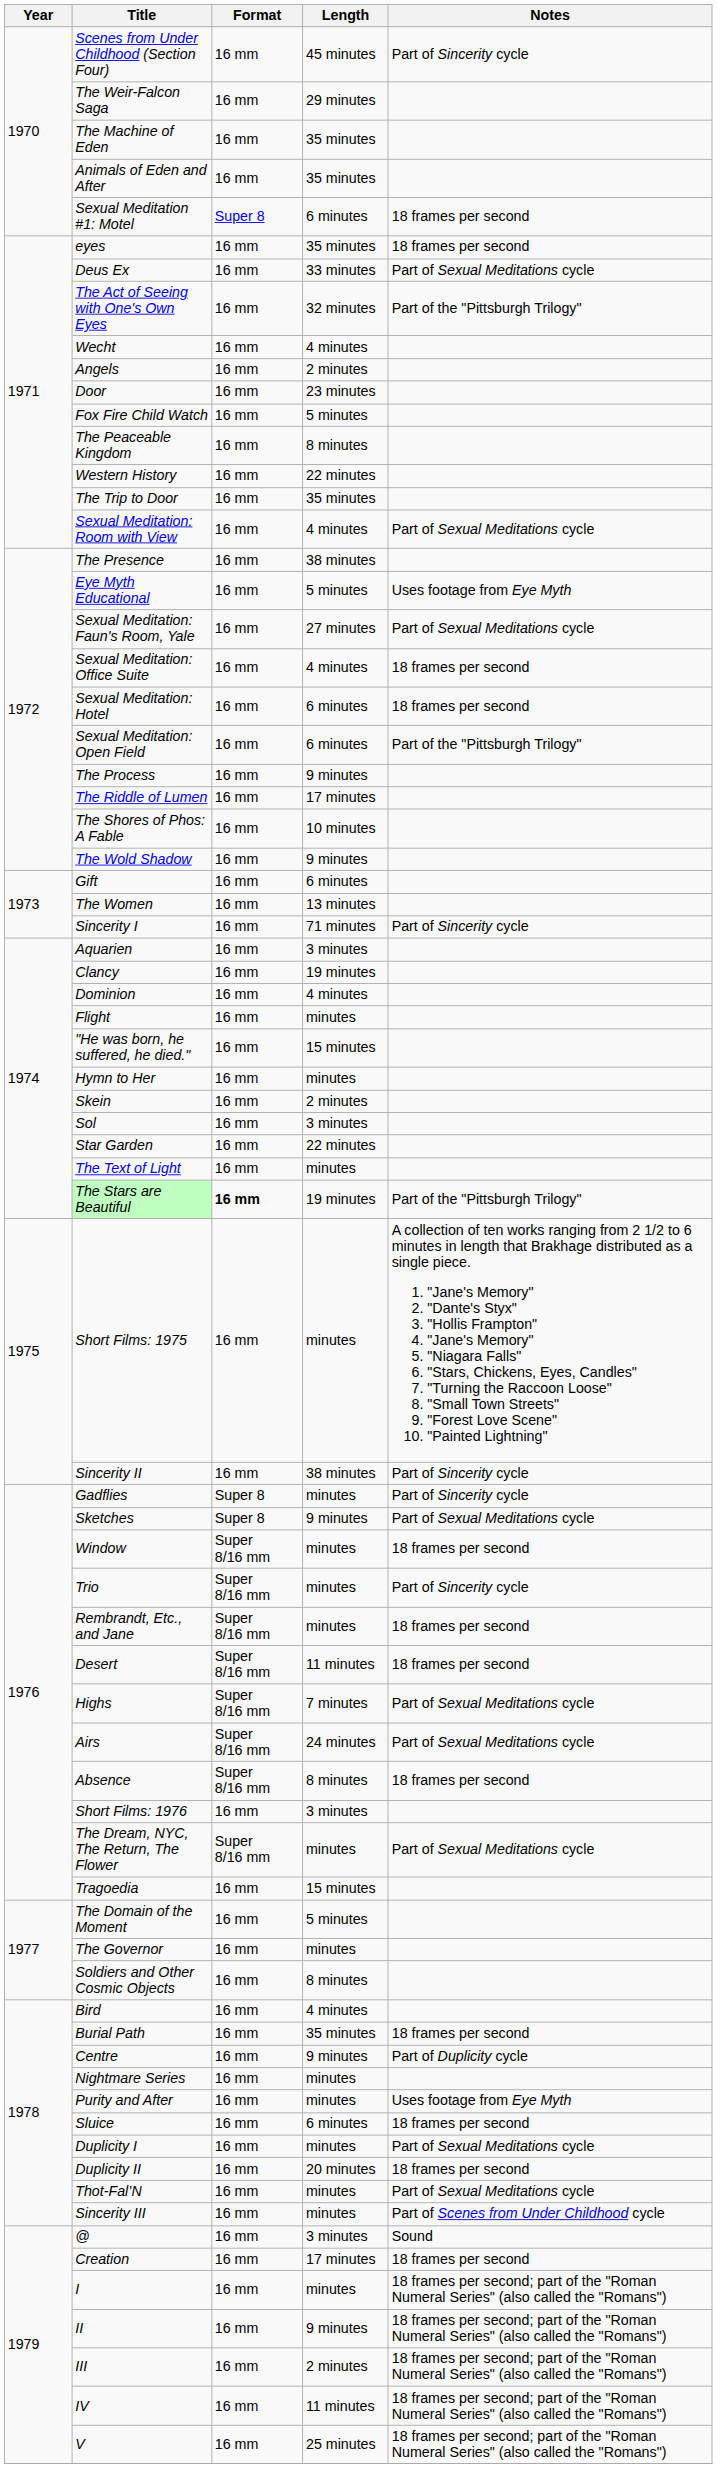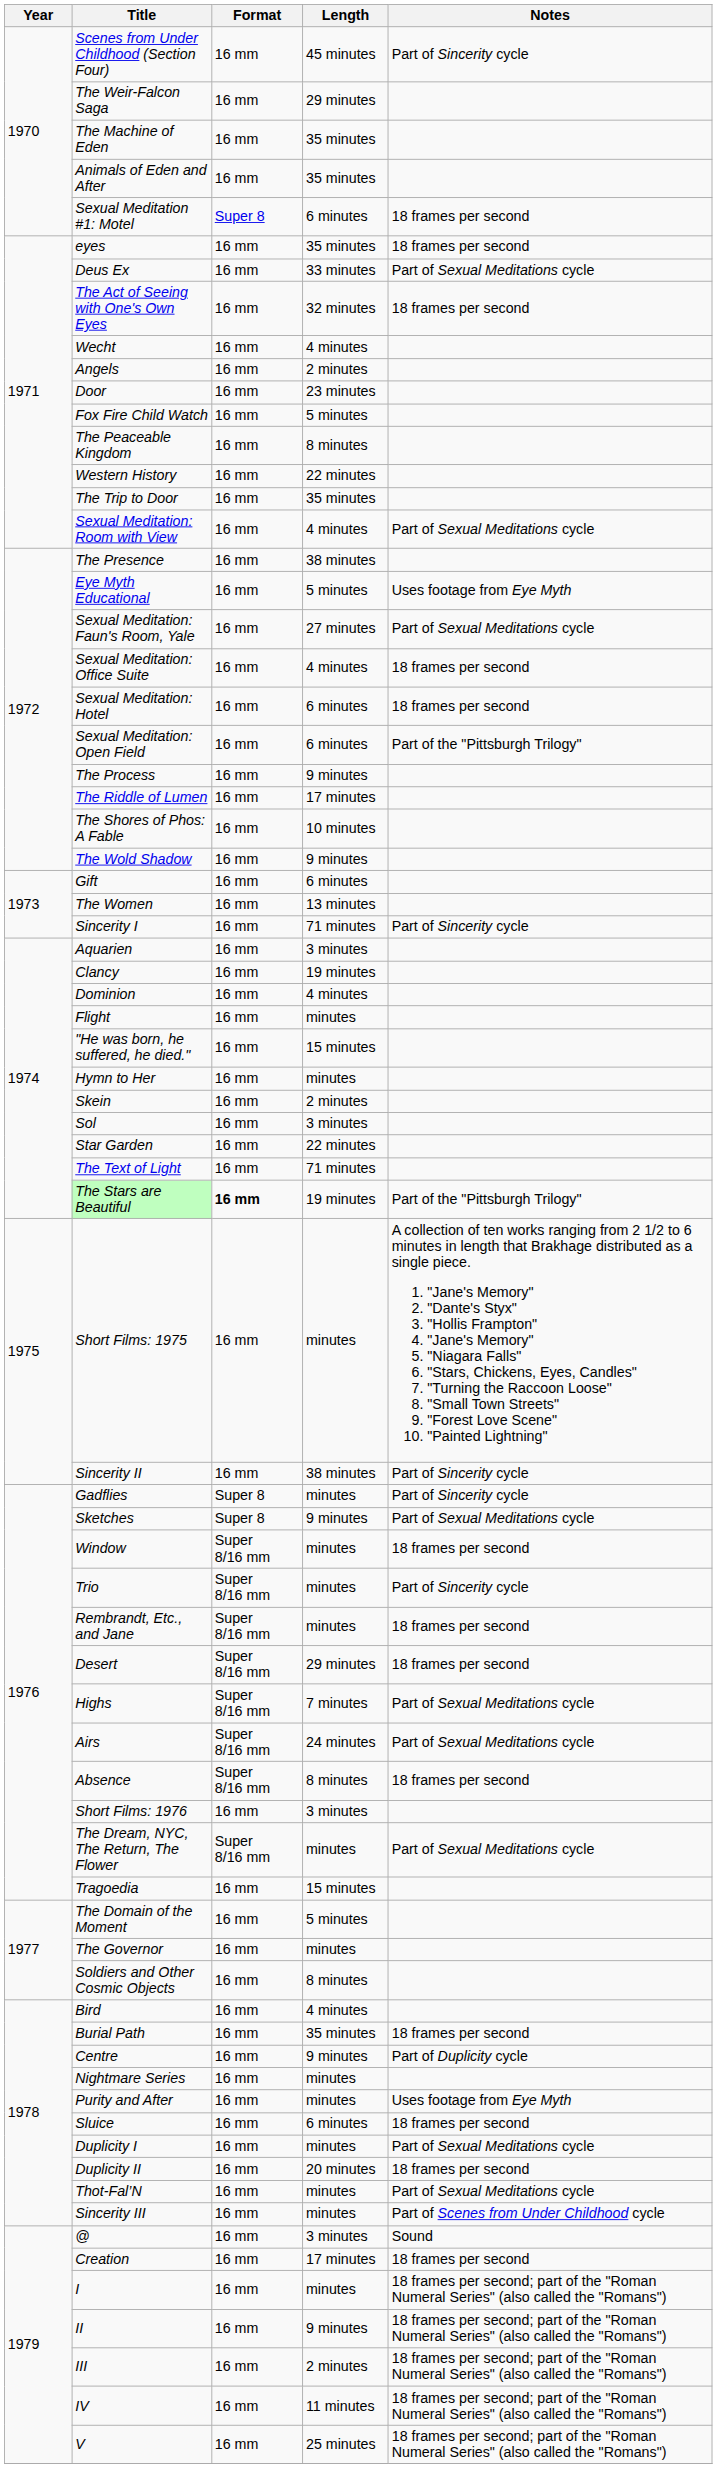 <table class="wikitable plainrowheaders" style="width: 90%">
 <tr>
 <th style="width: 5%;" scope="col">Year</th>
 <th style="width: 10%;" scope="col">Title</th>
 <th style="width: 5%;" scope="col">Format</th>
 <th style="width: 5%;" scope="col">Length</th>
 <th style="width: 25%;" scope="col">Notes</th>
 </tr>
 <tr>
 <td scope="row" rowspan="5">1970</td>
 <td><em><a href='#'>Scenes from Under Childhood</a> (Section Four)</em></td>
 <td>16 mm</td>
 <td>45 minutes</td>
 <td>Part of <em>Sincerity</em> cycle</td>
 </tr>
 <tr>
 <td scope="row"><em>The Weir-Falcon Saga</em></td>
 <td>16 mm</td>
 <td>29 minutes</td>
 <td></td>
 </tr>
 <tr>
 <td scope="row"><em>The Machine of Eden</em></td>
 <td>16 mm</td>
 <td>35 minutes</td>
 <td></td>
 </tr>
 <tr>
 <td scope="row"><em>Animals of Eden and After</em></td>
 <td>16 mm</td>
 <td>35 minutes</td>
 <td></td>
 </tr>
 <tr>
 <td scope="row"><em>Sexual Meditation #1: Motel</em></td>
 <td><a href='#'>Super 8</a></td>
 <td>6 minutes</td>
 <td>18 frames per second</td>
 </tr>
 <tr>
 <td scope="row" rowspan="11">1971</td>
 <td><em>eyes</em></td>
 <td>16 mm</td>
 <td>35 minutes</td>
 <td>18 frames per second</td>
 </tr>
 <tr>
 <td scope="row"><em>Deus Ex</em></td>
 <td>16 mm</td>
 <td>33 minutes</td>
 <td>Part of <em>Sexual Meditations</em> cycle</td>
 </tr>
 <tr>
 <td scope="row"><em><a href='#'>The Act of Seeing with One's Own Eyes</a></em></td>
 <td>16 mm</td>
 <td>32 minutes</td>
-<td>Part of the "Pittsburgh Trilogy"</td>
+<td>18 frames per second</td>
 </tr>
 <tr>
 <td scope="row"><em>Wecht</em></td>
 <td>16 mm</td>
 <td>4 minutes</td>
 <td></td>
 </tr>
 <tr>
 <td scope="row"><em>Angels</em></td>
 <td>16 mm</td>
 <td>2 minutes</td>
 <td></td>
 </tr>
 <tr>
 <td scope="row"><em>Door</em></td>
 <td>16 mm</td>
 <td>23 minutes</td>
 <td></td>
 </tr>
 <tr>
 <td scope="row"><em>Fox Fire Child Watch</em></td>
 <td>16 mm</td>
 <td>5 minutes</td>
 <td></td>
 </tr>
 <tr>
 <td scope="row"><em>The Peaceable Kingdom</em></td>
 <td>16 mm</td>
 <td>8 minutes</td>
 <td></td>
 </tr>
 <tr>
 <td scope="row"><em>Western History</em></td>
 <td>16 mm</td>
 <td>22 minutes</td>
 <td></td>
 </tr>
 <tr>
 <td scope="row"><em>The Trip to Door</em></td>
 <td>16 mm</td>
 <td>35 minutes</td>
 <td></td>
 </tr>
 <tr>
 <td scope="row"><em><a href='#'>Sexual Meditation: Room with View</a></em></td>
 <td>16 mm</td>
 <td>4 minutes</td>
 <td>Part of <em>Sexual Meditations</em> cycle</td>
 </tr>
 <tr>
 <td scope="row" rowspan="10">1972</td>
 <td><em>The Presence</em></td>
 <td>16 mm</td>
 <td>38 minutes</td>
 <td></td>
 </tr>
 <tr>
 <td scope="row"><em><a href='#'>Eye Myth Educational</a></em></td>
 <td>16 mm</td>
 <td>5 minutes</td>
 <td>Uses footage from <em>Eye Myth</em></td>
 </tr>
 <tr>
 <td scope="row"><em>Sexual Meditation: Faun's Room, Yale</em></td>
 <td>16 mm</td>
 <td>27 minutes</td>
 <td>Part of <em>Sexual Meditations</em> cycle</td>
 </tr>
 <tr>
 <td scope="row"><em>Sexual Meditation: Office Suite</em></td>
 <td>16 mm</td>
 <td>4 minutes</td>
 <td>18 frames per second</td>
 </tr>
 <tr>
 <td scope="row"><em>Sexual Meditation: Hotel</em></td>
 <td>16 mm</td>
 <td>6 minutes</td>
 <td>18 frames per second</td>
 </tr>
 <tr>
 <td scope="row"><em>Sexual Meditation: Open Field</em></td>
 <td>16 mm</td>
 <td>6 minutes</td>
 <td>Part of the "Pittsburgh Trilogy"</td>
 </tr>
 <tr>
 <td scope="row"><em>The Process</em></td>
 <td>16 mm</td>
 <td>9 minutes</td>
 <td></td>
 </tr>
 <tr>
 <td scope="row"><em><a href='#'>The Riddle of Lumen</a></em></td>
 <td>16 mm</td>
 <td>17 minutes</td>
 <td></td>
 </tr>
 <tr>
 <td scope="row"><em>The Shores of Phos: A Fable</em></td>
 <td>16 mm</td>
 <td>10 minutes</td>
 <td></td>
 </tr>
 <tr>
 <td scope="row"><em><a href='#'>The Wold Shadow</a></em></td>
 <td>16 mm</td>
 <td>9 minutes</td>
 <td></td>
 </tr>
 <tr>
 <td scope="row" rowspan="3">1973</td>
 <td><em>Gift</em></td>
 <td>16 mm</td>
 <td>6 minutes</td>
 <td></td>
 </tr>
 <tr>
 <td scope="row"><em>The Women</em></td>
 <td>16 mm</td>
 <td>13 minutes</td>
 <td></td>
 </tr>
 <tr>
 <td scope="row"><em>Sincerity I</em></td>
 <td>16 mm</td>
 <td>71 minutes</td>
 <td>Part of <em>Sincerity</em> cycle</td>
 </tr>
 <tr>
 <td scope="row" rowspan="11">1974</td>
 <td><em>Aquarien</em></td>
 <td>16 mm</td>
 <td>3 minutes</td>
 <td></td>
 </tr>
 <tr>
 <td scope="row"><em>Clancy</em></td>
 <td>16 mm</td>
 <td>19 minutes</td>
 <td></td>
 </tr>
 <tr>
 <td scope="row"><em>Dominion</em></td>
 <td>16 mm</td>
 <td>4 minutes</td>
 <td></td>
 </tr>
 <tr>
 <td scope="row"><em>Flight</em></td>
 <td>16 mm</td>
 <td> minutes</td>
 <td></td>
 </tr>
 <tr>
 <td scope="row"><em>"He was born, he suffered, he died."</em></td>
 <td>16 mm</td>
 <td>15 minutes</td>
 <td></td>
 </tr>
 <tr>
 <td scope="row"><em>Hymn to Her</em></td>
 <td>16 mm</td>
 <td> minutes</td>
 <td></td>
 </tr>
 <tr>
 <td scope="row"><em>Skein</em></td>
 <td>16 mm</td>
 <td>2 minutes</td>
 <td></td>
 </tr>
 <tr>
 <td scope="row"><em>Sol</em></td>
 <td>16 mm</td>
 <td>3 minutes</td>
 <td></td>
 </tr>
 <tr>
 <td scope="row"><em>Star Garden</em></td>
 <td>16 mm</td>
 <td>22 minutes</td>
 <td></td>
 </tr>
 <tr>
 <td scope="row"><em><a href='#'>The Text of Light</a></em></td>
 <td>16 mm</td>
-<td> minutes</td>
+<td>71 minutes</td>
 <td></td>
 </tr>
 <tr>
 <td scope="row" style="background: #bfffbf;"><em>The Stars are Beautiful</em></td>
 <td><strong>16 mm</strong></td>
 <td>19 minutes</td>
 <td>Part of the "Pittsburgh Trilogy"</td>
 </tr>
 <tr>
 <td scope="row" rowspan="2">1975</td>
 <td><em>Short Films: 1975</em></td>
 <td>16 mm</td>
 <td> minutes</td>
 <td>A collection of ten works ranging from 2 1/2 to 6 minutes in length that Brakhage distributed as a single piece.<br><ol><li>"Jane's Memory"</li><li>"Dante's Styx"</li><li>"Hollis Frampton"</li><li>"Jane's Memory"</li><li>"Niagara Falls"</li><li>"Stars, Chickens, Eyes, Candles"</li><li>"Turning the Raccoon Loose"</li><li>"Small Town Streets"</li><li>"Forest Love Scene"</li><li>"Painted Lightning"</li></ol></td>
 </tr>
 <tr>
 <td scope="row"><em>Sincerity II</em></td>
 <td>16 mm</td>
 <td>38 minutes</td>
 <td>Part of <em>Sincerity</em> cycle</td>
 </tr>
 <tr>
 <td scope="row" rowspan="12">1976</td>
 <td><em>Gadflies</em></td>
 <td>Super 8</td>
 <td> minutes</td>
 <td>Part of <em>Sincerity</em> cycle</td>
 </tr>
 <tr>
 <td scope="row"><em>Sketches</em></td>
 <td>Super 8</td>
 <td>9 minutes</td>
 <td>Part of <em>Sexual Meditations</em> cycle</td>
 </tr>
 <tr>
 <td scope="row"><em>Window</em></td>
 <td>Super 8/16 mm</td>
 <td> minutes</td>
 <td>18 frames per second</td>
 </tr>
 <tr>
 <td scope="row"><em>Trio</em></td>
 <td>Super 8/16 mm</td>
 <td> minutes</td>
 <td>Part of <em>Sincerity</em> cycle</td>
 </tr>
 <tr>
 <td scope="row"><em>Rembrandt, Etc., and Jane</em></td>
 <td>Super 8/16 mm</td>
 <td> minutes</td>
 <td>18 frames per second</td>
 </tr>
 <tr>
 <td scope="row"><em>Desert</em></td>
 <td>Super 8/16 mm</td>
-<td>11 minutes</td>
+<td>29 minutes</td>
 <td>18 frames per second</td>
 </tr>
 <tr>
 <td scope="row"><em>Highs</em></td>
 <td>Super 8/16 mm</td>
 <td>7 minutes</td>
 <td>Part of <em>Sexual Meditations</em> cycle</td>
 </tr>
 <tr>
 <td scope="row"><em>Airs</em></td>
 <td>Super 8/16 mm</td>
 <td>24 minutes</td>
 <td>Part of <em>Sexual Meditations</em> cycle</td>
 </tr>
 <tr>
 <td scope="row"><em>Absence</em></td>
 <td>Super 8/16 mm</td>
 <td>8 minutes</td>
 <td>18 frames per second</td>
 </tr>
 <tr>
 <td scope="row"><em>Short Films: 1976</em></td>
 <td>16 mm</td>
 <td>3 minutes</td>
 <td></td>
 </tr>
 <tr>
 <td scope="row"><em>The Dream, NYC, The Return, The Flower</em></td>
 <td>Super 8/16 mm</td>
 <td> minutes</td>
 <td>Part of <em>Sexual Meditations</em> cycle</td>
 </tr>
 <tr>
 <td scope="row"><em>Tragoedia</em></td>
 <td>16 mm</td>
 <td>15 minutes</td>
 <td></td>
 </tr>
 <tr>
 <td scope="row" rowspan="3">1977</td>
 <td><em>The Domain of the Moment</em></td>
 <td>16 mm</td>
 <td>5 minutes</td>
 <td></td>
 </tr>
 <tr>
 <td scope="row"><em>The Governor</em></td>
 <td>16 mm</td>
 <td> minutes</td>
 <td></td>
 </tr>
 <tr>
 <td scope="row"><em>Soldiers and Other Cosmic Objects</em></td>
 <td>16 mm</td>
 <td>8 minutes</td>
 <td></td>
 </tr>
 <tr>
 <td scope="row" rowspan="10">1978</td>
 <td><em>Bird</em></td>
 <td>16 mm</td>
 <td>4 minutes</td>
 <td></td>
 </tr>
 <tr>
 <td scope="row"><em>Burial Path</em></td>
 <td>16 mm</td>
 <td>35 minutes</td>
 <td>18 frames per second</td>
 </tr>
 <tr>
 <td scope="row"><em>Centre</em></td>
 <td>16 mm</td>
 <td>9 minutes</td>
 <td>Part of <em>Duplicity</em> cycle</td>
 </tr>
 <tr>
 <td scope="row"><em>Nightmare Series</em></td>
 <td>16 mm</td>
 <td> minutes</td>
 <td></td>
 </tr>
 <tr>
 <td scope="row"><em>Purity and After</em></td>
 <td>16 mm</td>
 <td> minutes</td>
 <td>Uses footage from <em>Eye Myth</em></td>
 </tr>
 <tr>
 <td scope="row"><em>Sluice</em></td>
 <td>16 mm</td>
 <td>6 minutes</td>
 <td>18 frames per second</td>
 </tr>
 <tr>
 <td scope="row"><em>Duplicity I</em></td>
 <td>16 mm</td>
 <td> minutes</td>
 <td>Part of <em>Sexual Meditations</em> cycle</td>
 </tr>
 <tr>
 <td scope="row"><em>Duplicity II</em></td>
 <td>16 mm</td>
 <td>20 minutes</td>
 <td>18 frames per second</td>
 </tr>
 <tr>
 <td scope="row"><em>Thot-Fal’N</em></td>
 <td>16 mm</td>
 <td> minutes</td>
 <td>Part of <em>Sexual Meditations</em> cycle</td>
 </tr>
 <tr>
 <td scope="row"><em>Sincerity III</em></td>
 <td>16 mm</td>
 <td> minutes</td>
 <td>Part of <em><a href='#'>Scenes from Under Childhood</a></em> cycle</td>
 </tr>
 <tr>
 <td scope="row" rowspan="7">1979</td>
 <td><em>@</em></td>
 <td>16 mm</td>
 <td>3 minutes</td>
 <td>Sound</td>
 </tr>
 <tr>
 <td scope="row"><em>Creation</em></td>
 <td>16 mm</td>
 <td>17 minutes</td>
 <td>18 frames per second</td>
 </tr>
 <tr>
 <td scope="row"><em>I</em></td>
 <td>16 mm</td>
 <td> minutes</td>
 <td>18 frames per second; part of the "Roman Numeral Series" (also called the "Romans")</td>
 </tr>
 <tr>
 <td scope="row"><em>II</em></td>
 <td>16 mm</td>
 <td>9 minutes</td>
 <td>18 frames per second; part of the "Roman Numeral Series" (also called the "Romans")</td>
 </tr>
 <tr>
 <td scope="row"><em>III</em></td>
 <td>16 mm</td>
 <td>2 minutes</td>
 <td>18 frames per second; part of the "Roman Numeral Series" (also called the "Romans")</td>
 </tr>
 <tr>
 <td scope="row"><em>IV</em></td>
 <td>16 mm</td>
 <td>11 minutes</td>
 <td>18 frames per second; part of the "Roman Numeral Series" (also called the "Romans")</td>
 </tr>
 <tr>
 <td scope="row"><em>V</em></td>
 <td>16 mm</td>
 <td>25 minutes</td>
 <td>18 frames per second; part of the "Roman Numeral Series" (also called the "Romans")</td>
 </tr>
 <tr>
 </tr>
 </table>
